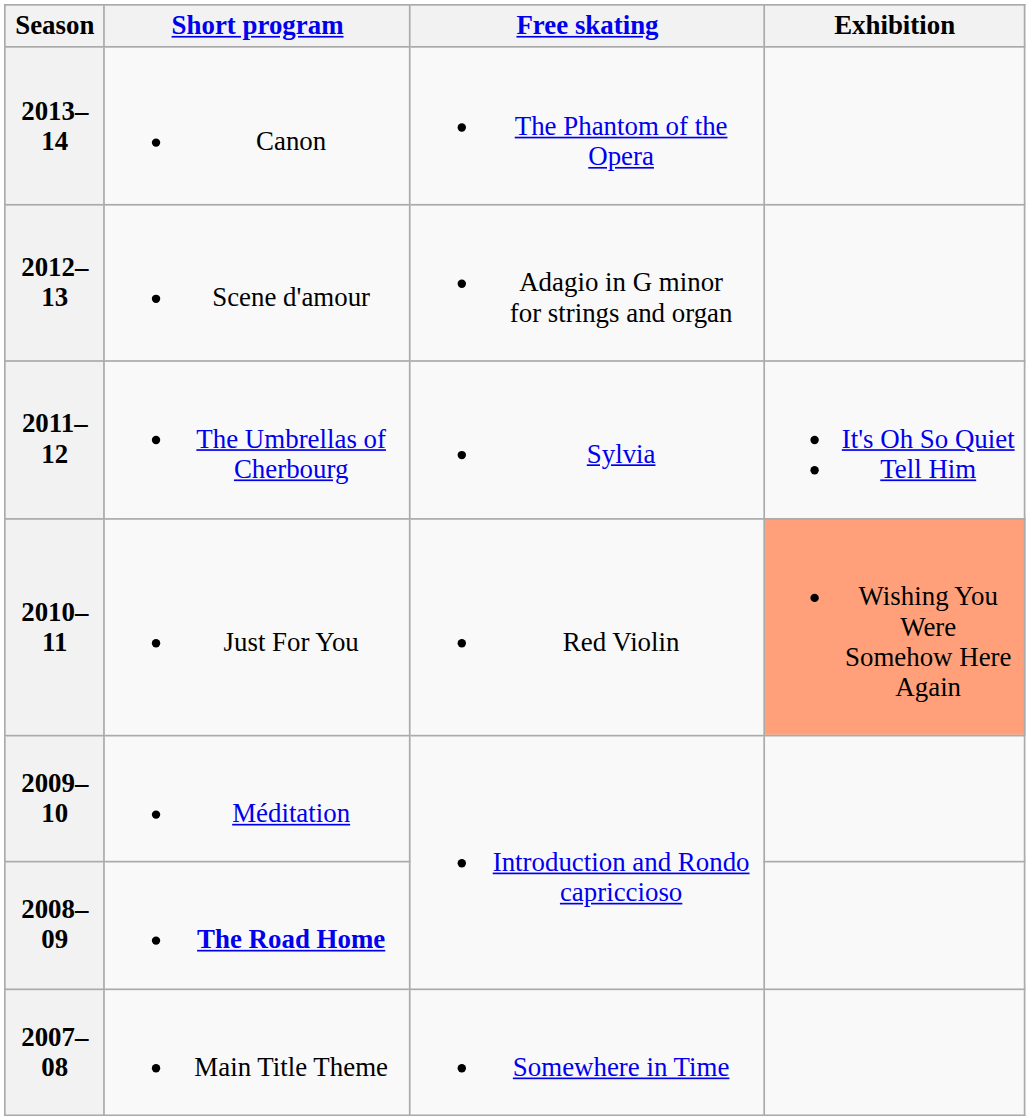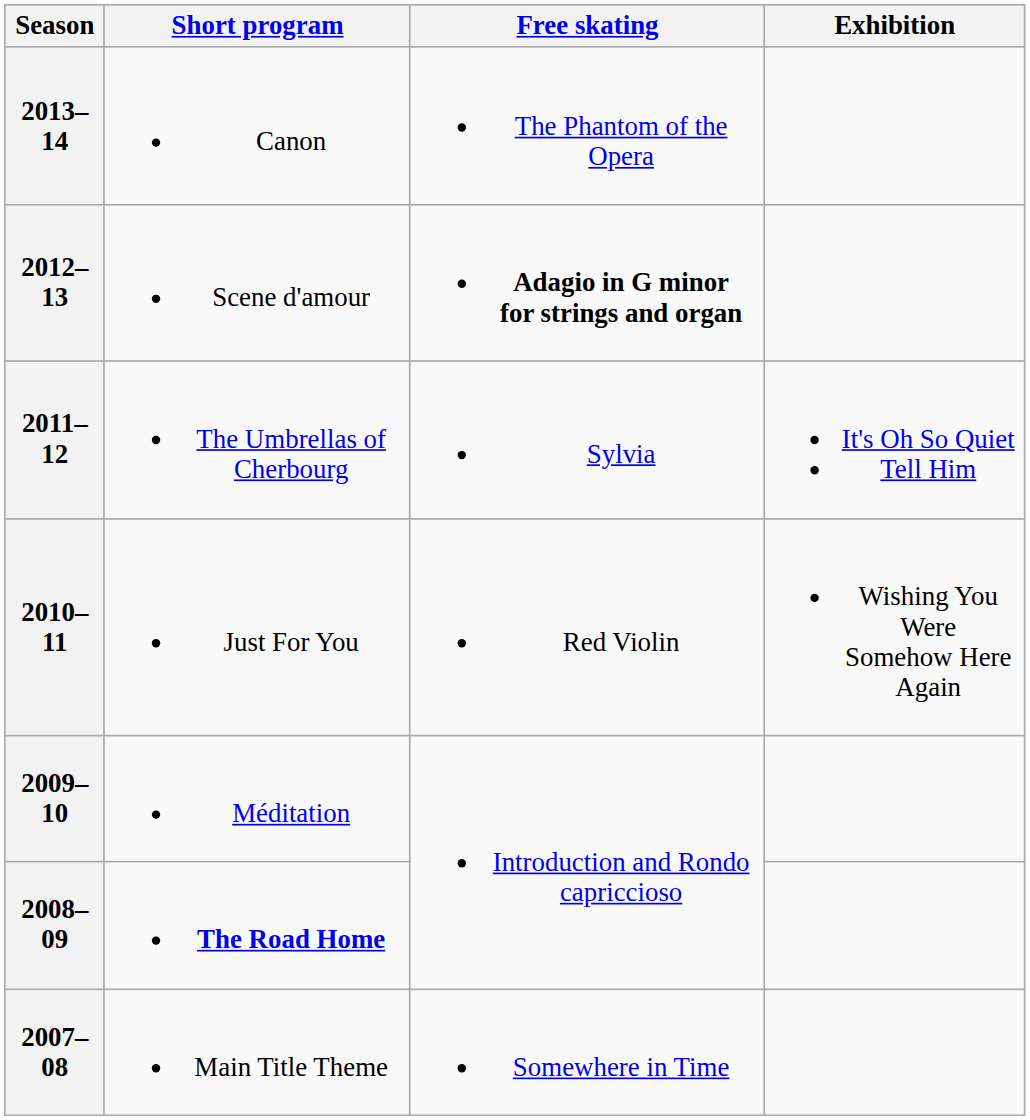 <table class="wikitable" style="text-align:center">
 <tr>
 <th>Season</th>
 <th><a href='#'>Short program</a></th>
 <th><a href='#'>Free skating</a></th>
 <th>Exhibition</th>
 </tr>
 <tr>
 <th>2013–14 <br> </th>
 <td><br><ul><li>Canon</li></ul></td>
 <td><br><ul><li><a href='#'>The Phantom of the Opera</a> <br></li></ul></td>
 <td></td>
 </tr>
 <tr>
 <th>2012–13</th>
 <td><br><ul><li>Scene d'amour <br></li></ul></td>
-<td><br><ul><li>Adagio in G minor <br> for strings and organ <br></li></ul></td>
+<td><strong><br><ul><li>Adagio in G minor <br> for strings and organ <br></li></ul></strong></td>
 <td></td>
 </tr>
 <tr>
 <th>2011–12</th>
 <td><br><ul><li><a href='#'>The Umbrellas of Cherbourg</a> <br></li></ul></td>
 <td><br><ul><li><a href='#'>Sylvia</a> <br></li></ul></td>
 <td><br><ul><li><a href='#'>It's Oh So Quiet</a> <br></li><li><a href='#'>Tell Him</a> <br></li></ul></td>
 </tr>
 <tr>
 <th>2010–11 <br> </th>
 <td><br><ul><li>Just For You <br></li></ul></td>
 <td><br><ul><li>Red Violin <br> </li></ul></td>
-<td style="background: lightsalmon;"><br><ul><li>Wishing You Were<br> Somehow Here Again <br> </li></ul></td>
+<td><br><ul><li>Wishing You Were<br> Somehow Here Again <br> </li></ul></td>
 </tr>
 <tr>
 <th>2009–10 <br> </th>
 <td><br><ul><li><a href='#'>Méditation</a> <br></li></ul></td>
 <td rowspan=2><br><ul><li><a href='#'>Introduction and Rondo capriccioso</a> <br></li></ul></td>
 <td></td>
 </tr>
 <tr>
 <th>2008–09 <br> </th>
 <td><strong><br><ul><li><a href='#'>The Road Home</a> <br></li></ul></strong></td>
 <td></td>
 </tr>
 <tr>
 <th>2007–08 <br> </th>
 <td><br><ul><li>Main Title Theme <br></li></ul></td>
 <td><br><ul><li><a href='#'>Somewhere in Time</a> <br></li></ul></td>
 <td></td>
 </tr>
 </table>
